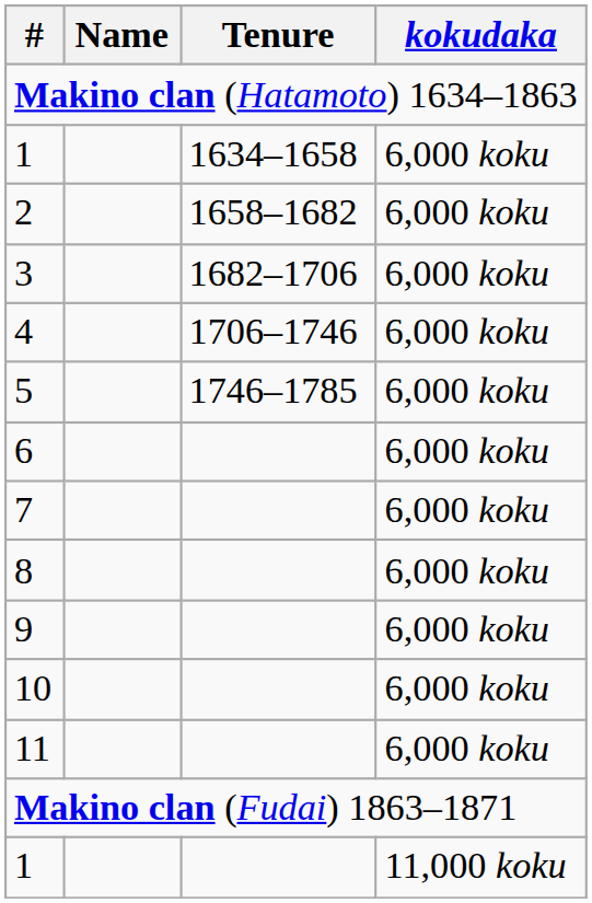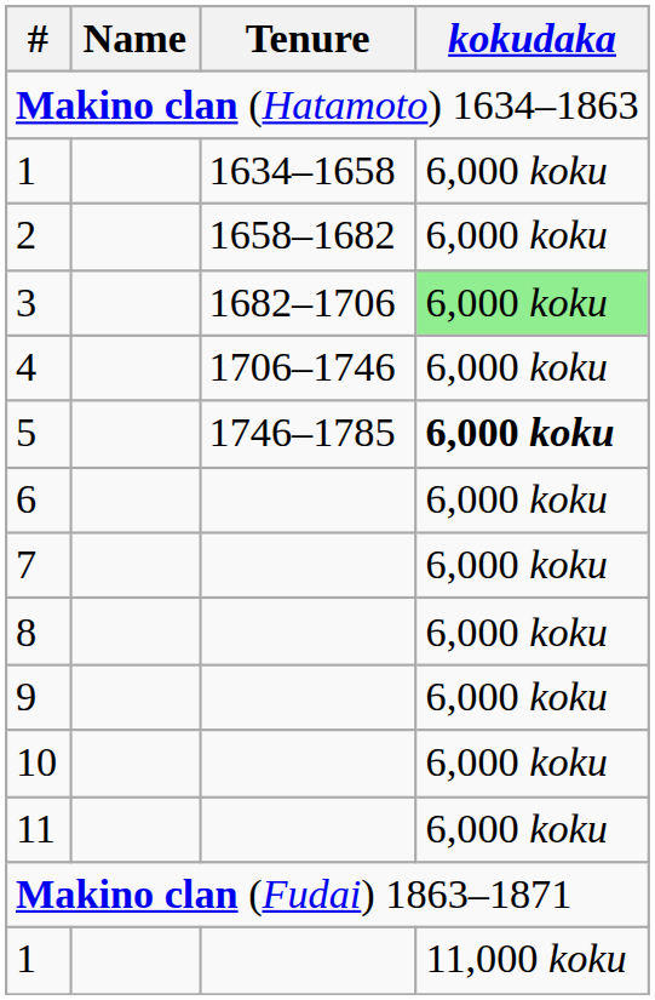 <table class="wikitable">
 <tr>
 <th>#</th>
 <th>Name</th>
 <th>Tenure</th>
 <th><em><a href='#'>kokudaka</a></em></th>
 </tr>
 <tr>
 <td colspan="4"> <strong><a href='#'>Makino clan</a></strong> (<em><a href='#'>Hatamoto</a></em>) 1634–1863</td>
 </tr>
 <tr>
 <td>1</td>
 <td></td>
 <td>1634–1658</td>
 <td>6,000 <em>koku</em></td>
 </tr>
 <tr>
 <td>2</td>
 <td></td>
 <td>1658–1682</td>
 <td>6,000 <em>koku</em></td>
 </tr>
 <tr>
 <td>3</td>
 <td></td>
 <td>1682–1706</td>
-<td>6,000 <em>koku</em></td>
+<td style="background: lightgreen;">6,000 <em>koku</em></td>
 </tr>
 <tr>
 <td>4</td>
 <td></td>
 <td>1706–1746</td>
 <td>6,000 <em>koku</em></td>
 </tr>
 <tr>
 <td>5</td>
 <td></td>
 <td>1746–1785</td>
-<td>6,000 <em>koku</em></td>
+<td><strong>6,000 <em>koku</em></strong></td>
 </tr>
 <tr>
 <td>6</td>
 <td></td>
 <td></td>
 <td>6,000 <em>koku</em></td>
 </tr>
 <tr>
 <td>7</td>
 <td></td>
 <td></td>
 <td>6,000 <em>koku</em></td>
 </tr>
 <tr>
 <td>8</td>
 <td></td>
 <td></td>
 <td>6,000 <em>koku</em></td>
 </tr>
 <tr>
 <td>9</td>
 <td></td>
 <td></td>
 <td>6,000 <em>koku</em></td>
 </tr>
 <tr>
 <td>10</td>
 <td></td>
 <td></td>
 <td>6,000 <em>koku</em></td>
 </tr>
 <tr>
 <td>11</td>
 <td></td>
 <td></td>
 <td>6,000 <em>koku</em></td>
 </tr>
 <tr>
 <td colspan="4"> <strong><a href='#'>Makino clan</a></strong> (<em><a href='#'>Fudai</a></em>) 1863–1871</td>
 </tr>
 <tr>
 <td>1</td>
 <td></td>
 <td></td>
 <td>11,000 <em>koku</em></td>
 </tr>
 </table>
